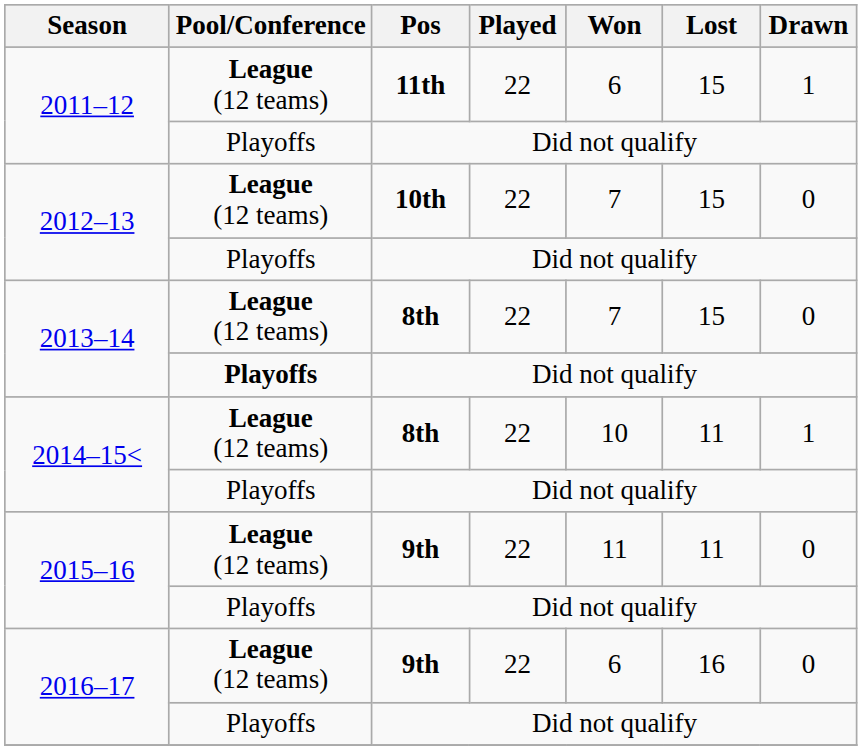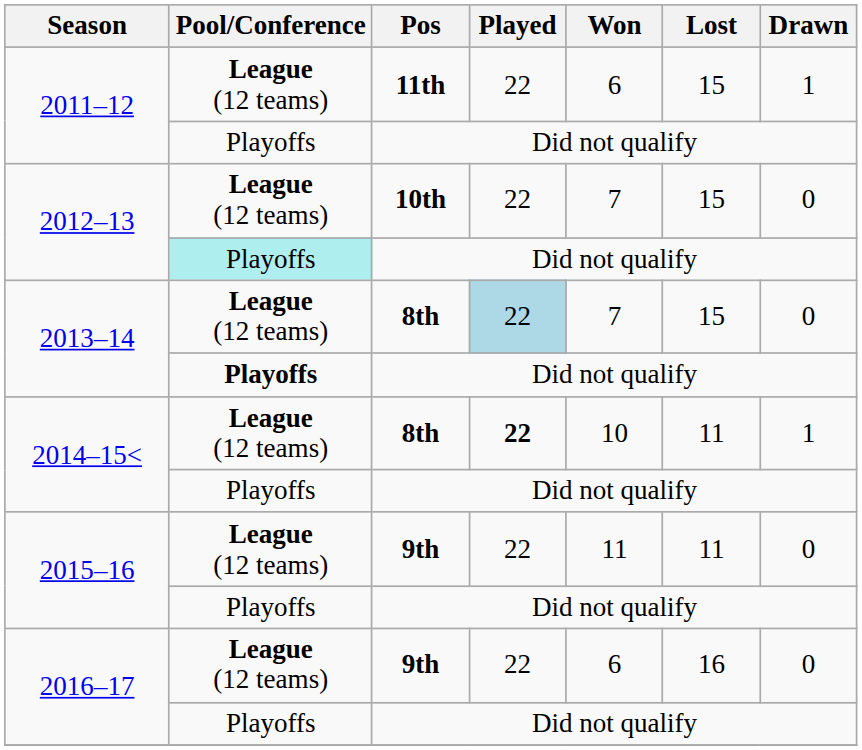 <table class="wikitable" style="text-align:center">
 <tr>
 <th width="90">Season</th>
 <th width="80">Pool/Conference</th>
 <th width="50">Pos</th>
 <th width="50">Played</th>
 <th width="50">Won</th>
 <th width="50">Lost</th>
 <th width="50">Drawn</th>
 </tr>
 <tr>
 <td rowspan="2"><a href='#'>2011–12</a></td>
 <td><strong>League</strong><br>(12 teams)</td>
 <td><strong>11th</strong></td>
 <td>22</td>
 <td>6</td>
 <td>15</td>
 <td>1</td>
 </tr>
 <tr>
 <td>Playoffs</td>
 <td colspan="8">Did not qualify</td>
 </tr>
 <tr>
 <td rowspan="2"><a href='#'>2012–13</a></td>
 <td><strong>League</strong><br>(12 teams)</td>
 <td><strong>10th</strong></td>
 <td>22</td>
 <td>7</td>
 <td>15</td>
 <td>0</td>
 </tr>
 <tr>
-<td>Playoffs</td>
+<td style="background: paleturquoise;">Playoffs</td>
 <td colspan="8">Did not qualify</td>
 </tr>
 <tr>
 <td rowspan="2"><a href='#'>2013–14</a></td>
 <td><strong>League</strong><br>(12 teams)</td>
 <td><strong>8th</strong></td>
-<td>22</td>
+<td style="background: lightblue;">22</td>
 <td>7</td>
 <td>15</td>
 <td>0</td>
 </tr>
 <tr>
 <td><strong>Playoffs</strong></td>
 <td colspan="8">Did not qualify</td>
 </tr>
 <tr>
 <td rowspan="2"><a href='#'>2014–15<</a></td>
 <td><strong>League</strong><br>(12 teams)</td>
 <td><strong>8th</strong></td>
-<td>22</td>
+<td><strong>22</strong></td>
 <td>10</td>
 <td>11</td>
 <td>1</td>
 </tr>
 <tr>
 <td>Playoffs</td>
 <td colspan="8">Did not qualify</td>
 </tr>
 <tr>
 <td rowspan="2"><a href='#'>2015–16</a></td>
 <td><strong>League</strong><br>(12 teams)</td>
 <td><strong>9th</strong></td>
 <td>22</td>
 <td>11</td>
 <td>11</td>
 <td>0</td>
 </tr>
 <tr>
 <td>Playoffs</td>
 <td colspan="8">Did not qualify</td>
 </tr>
 <tr>
 <td rowspan="2"><a href='#'>2016–17</a></td>
 <td><strong>League</strong><br>(12 teams)</td>
 <td><strong>9th</strong></td>
 <td>22</td>
 <td>6</td>
 <td>16</td>
 <td>0</td>
 </tr>
 <tr>
 <td>Playoffs</td>
 <td colspan="8">Did not qualify</td>
 </tr>
 <tr>
 </tr>
 </table>
